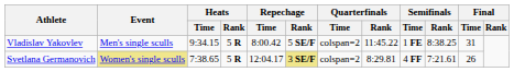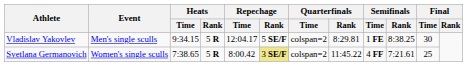 <table class="wikitable" style="font-size:90%">
 <tr>
 <th rowspan=2>Athlete</th>
 <th rowspan=2>Event</th>
 <th colspan="2">Heats</th>
 <th colspan="2">Repechage</th>
 <th colspan=2>Quarterfinals</th>
 <th colspan="2">Semifinals</th>
 <th colspan="2">Final</th>
 </tr>
 <tr style="font-size:95%">
 <th>Time</th>
 <th>Rank</th>
 <th>Time</th>
 <th>Rank</th>
 <th>Time</th>
 <th>Rank</th>
 <th>Time</th>
 <th>Rank</th>
 <th>Time</th>
 <th>Rank</th>
 </tr>
 <tr align=center>
 <td align=left><a href='#'>Vladislav Yakovlev</a></td>
 <td align=left><a href='#'>Men's single sculls</a></td>
 <td>9:34.15</td>
 <td>5 <strong>R</strong></td>
-<td>8:00.42</td>
+<td>12:04.17</td>
 <td>5 <strong>SE/F</strong></td>
 <td>colspan=2 </td>
-<td>11:45.22</td>
+<td>8:29.81</td>
 <td>1 <strong>FE</strong></td>
 <td>8:38.25</td>
-<td>31</td>
+<td>30</td>
 </tr>
 <tr align=center>
 <td align=left><a href='#'>Svetlana Germanovich</a></td>
-<td align=left style="background: khaki;"><a href='#'>Women's single sculls</a></td>
+<td align=left><a href='#'>Women's single sculls</a></td>
 <td>7:38.65</td>
 <td>5 <strong>R</strong></td>
-<td>12:04.17</td>
+<td>8:00.42</td>
 <td style="background: khaki;">3 <strong>SE/F</strong></td>
 <td>colspan=2 </td>
-<td>8:29.81</td>
+<td>11:45.22</td>
 <td>4 <strong>FF</strong></td>
 <td>7:21.61</td>
-<td>26</td>
+<td>25</td>
 </tr>
 </table>
